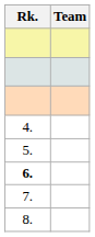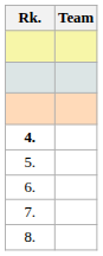 <table class="wikitable" style="border:1px solid #aaa; font-size:90%;">
 <tr style="background:#e4e4e4;">
 <th style="border-bottom:1px solid #aaa; width:40px;">Rk.</th>
 <th style="border-bottom:1px solid #aaa;">Team</th>
 </tr>
 <tr style="background:#f7f6a8;">
 <td style="text-align:center; height:23px;"></td>
 <td><strong></strong></td>
 </tr>
 <tr style="background:#dce5e5;">
 <td style="text-align:center; height:23px;"></td>
 <td></td>
 </tr>
 <tr style="background:#ffdab9;">
 <td style="text-align:center; height:23px;"></td>
 <td></td>
 </tr>
 <tr style="background:#fff;">
-<td style="text-align:center;">4.</td>
+<td style="text-align:center;"><strong>4.</strong></td>
 <td></td>
 </tr>
 <tr style="background:#fff;">
 <td style="text-align:center;">5.</td>
 <td></td>
 </tr>
 <tr style="background:#fff;">
-<td style="text-align:center;"><strong>6.</strong></td>
+<td style="text-align:center;">6.</td>
 <td></td>
 </tr>
 <tr style="background:#fff;">
 <td style="text-align:center;">7.</td>
 <td></td>
 </tr>
 <tr style="background:#fff;">
 <td style="text-align:center;">8.</td>
 <td></td>
 </tr>
 </table>
